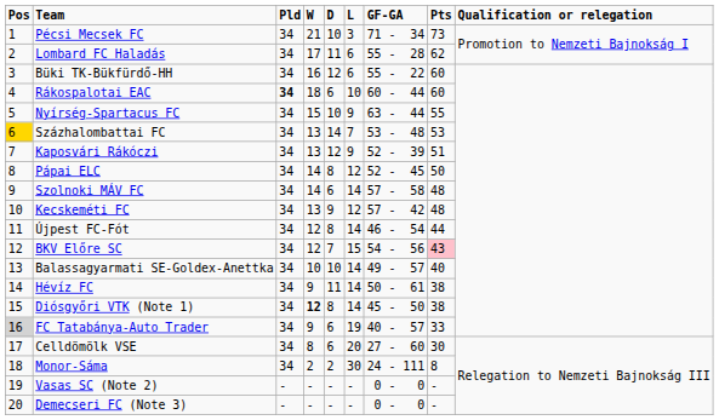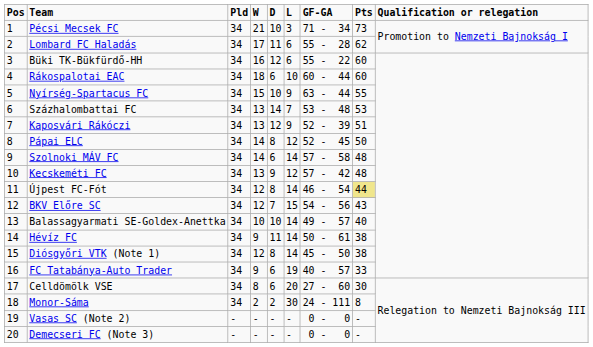 <table class="wikitable">
 <tr>
 <td><strong>Pos</strong></td>
 <td><strong>Team</strong></td>
 <td><strong>Pld</strong></td>
 <td><strong>W</strong></td>
 <td><strong>D</strong></td>
 <td><strong>L</strong></td>
 <td><strong>GF-GA</strong></td>
 <td><strong>Pts</strong></td>
 <td><strong>Qualification or relegation</strong></td>
 </tr>
 <tr>
 <td>1</td>
 <td><a href='#'>Pécsi Mecsek FC</a></td>
 <td>34</td>
 <td>21</td>
 <td>10</td>
 <td>3</td>
 <td>71 -  34</td>
 <td>73</td>
 <td rowspan="2">Promotion to <a href='#'>Nemzeti Bajnokság I</a></td>
 </tr>
 <tr>
 <td>2</td>
 <td><a href='#'>Lombard FC Haladás</a></td>
 <td>34</td>
 <td>17</td>
 <td>11</td>
 <td>6</td>
 <td>55 -  28</td>
 <td>62</td>
 </tr>
 <tr>
 <td>3</td>
 <td>Büki TK-Bükfürdő-HH</td>
 <td>34</td>
 <td>16</td>
 <td>12</td>
 <td>6</td>
 <td>55 -  22</td>
 <td>60</td>
 <td rowspan="14"></td>
 </tr>
 <tr>
 <td>4</td>
 <td><a href='#'>Rákospalotai EAC</a></td>
-<td><strong>34</strong></td>
+<td>34</td>
 <td>18</td>
 <td>6</td>
 <td>10</td>
 <td>60 -  44</td>
 <td>60</td>
 </tr>
 <tr>
 <td>5</td>
 <td><a href='#'>Nyírség-Spartacus FC</a></td>
 <td>34</td>
 <td>15</td>
 <td>10</td>
 <td>9</td>
 <td>63 -  44</td>
 <td>55</td>
 </tr>
 <tr>
-<td style="background: gold;">6</td>
+<td>6</td>
 <td>Százhalombattai FC</td>
 <td>34</td>
 <td>13</td>
 <td>14</td>
 <td>7</td>
 <td>53 -  48</td>
 <td>53</td>
 </tr>
 <tr>
 <td>7</td>
 <td><a href='#'>Kaposvári Rákóczi</a></td>
 <td>34</td>
 <td>13</td>
 <td>12</td>
 <td>9</td>
 <td>52 -  39</td>
 <td>51</td>
 </tr>
 <tr>
 <td>8</td>
 <td><a href='#'>Pápai ELC</a></td>
 <td>34</td>
 <td>14</td>
 <td>8</td>
 <td>12</td>
 <td>52 -  45</td>
 <td>50</td>
 </tr>
 <tr>
 <td>9</td>
 <td><a href='#'>Szolnoki MÁV FC</a></td>
 <td>34</td>
 <td>14</td>
 <td>6</td>
 <td>14</td>
 <td>57 -  58</td>
 <td>48</td>
 </tr>
 <tr>
 <td>10</td>
 <td><a href='#'>Kecskeméti FC</a></td>
 <td>34</td>
 <td>13</td>
 <td>9</td>
 <td>12</td>
 <td>57 -  42</td>
 <td>48</td>
 </tr>
 <tr>
 <td>11</td>
 <td>Újpest FC-Fót</td>
 <td>34</td>
 <td>12</td>
 <td>8</td>
 <td>14</td>
 <td>46 -  54</td>
-<td>44</td>
+<td style="background: khaki;">44</td>
 </tr>
 <tr>
 <td>12</td>
 <td><a href='#'>BKV Előre SC</a></td>
 <td>34</td>
 <td>12</td>
 <td>7</td>
 <td>15</td>
 <td>54 -  56</td>
-<td style="background: pink;">43</td>
+<td>43</td>
 </tr>
 <tr>
 <td>13</td>
 <td>Balassagyarmati SE-Goldex-Anettka</td>
 <td>34</td>
 <td>10</td>
 <td>10</td>
 <td>14</td>
 <td>49 -  57</td>
 <td>40</td>
 </tr>
 <tr>
 <td>14</td>
 <td><a href='#'>Hévíz FC</a></td>
 <td>34</td>
 <td>9</td>
 <td>11</td>
 <td>14</td>
 <td>50 -  61</td>
 <td>38</td>
 </tr>
 <tr>
 <td>15</td>
 <td><a href='#'>Diósgyőri VTK</a> (Note 1)</td>
 <td>34</td>
-<td><strong>12</strong></td>
+<td>12</td>
 <td>8</td>
 <td>14</td>
 <td>45 -  50</td>
 <td>38</td>
 </tr>
 <tr>
-<td style="background: lightgrey;">16</td>
+<td>16</td>
 <td><a href='#'>FC Tatabánya-Auto Trader</a></td>
 <td>34</td>
 <td>9</td>
 <td>6</td>
 <td>19</td>
 <td>40 -  57</td>
 <td>33</td>
 </tr>
 <tr>
 <td>17</td>
 <td>Celldömölk VSE</td>
 <td>34</td>
 <td>8</td>
 <td>6</td>
 <td>20</td>
 <td>27 -  60</td>
 <td>30</td>
 <td rowspan="4">Relegation to Nemzeti Bajnokság III</td>
 </tr>
 <tr>
 <td>18</td>
 <td><a href='#'>Monor-Sáma</a></td>
 <td>34</td>
 <td>2</td>
 <td>2</td>
 <td>30</td>
 <td>24 - 111</td>
 <td>8</td>
 </tr>
 <tr>
 <td>19</td>
 <td><a href='#'>Vasas SC</a> (Note 2)</td>
 <td>-</td>
 <td>-</td>
 <td>-</td>
 <td>-</td>
 <td> 0 -   0</td>
 <td>-</td>
 </tr>
 <tr>
 <td>20</td>
 <td><a href='#'>Demecseri FC</a> (Note 3)</td>
 <td>-</td>
 <td>-</td>
 <td>-</td>
 <td>-</td>
 <td> 0 -   0</td>
 <td>-</td>
 </tr>
 </table>
